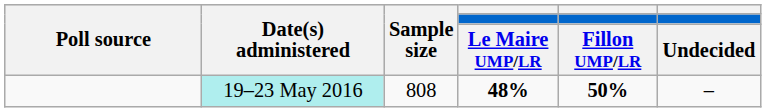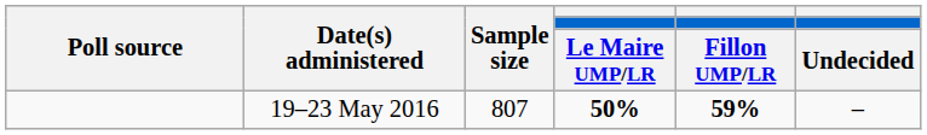 <table class="wikitable" style="text-align:center;font-size:85%;line-height:14px;">
 <tr bgcolor=lightgray>
 <th rowspan="3" style="width:125px;">Poll source</th>
 <th rowspan="3" style="width:115px;">Date(s)<br>administered</th>
 <th rowspan="3" style="width:40px;">Sample size</th>
 <th style="width:60px;"></th>
 <th style="width:60px;"></th>
 <th style="width:60px;"></th>
 </tr>
 <tr>
 <td bgcolor=#0066CC></td>
 <td bgcolor=#0066CC></td>
 <td bgcolor=#0066CC></td>
 </tr>
 <tr>
 <th><a href='#'>Le Maire</a><br><small><a href='#'>UMP</a>/<a href='#'>LR</a></small></th>
 <th><a href='#'>Fillon</a><br><small><a href='#'>UMP</a>/<a href='#'>LR</a></small></th>
 <th>Undecided</th>
 </tr>
 <tr>
 <td></td>
-<td style="background: paleturquoise;">19–23 May 2016</td>
-<td>808</td>
-<td><strong>48%</strong></td>
+<td>19–23 May 2016</td>
+<td>807</td>
 <td><strong>50%</strong></td>
+<td><strong>59%</strong></td>
 <td>–</td>
 </tr>
 </table>
